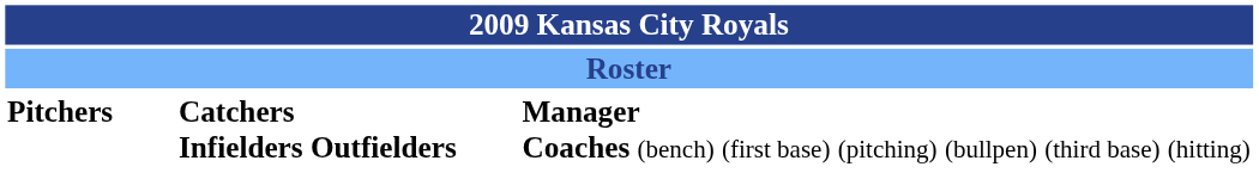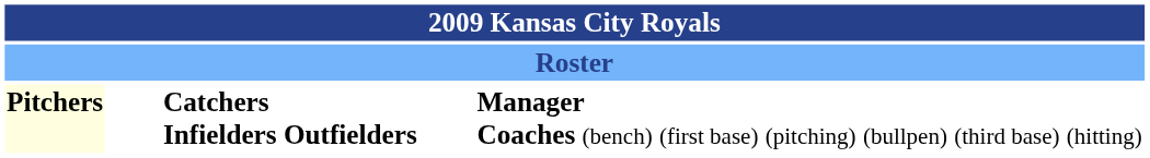 <table class="toccolours" style="font-size: 95%;">
 <tr>
 <th colspan="10" style="background-color: #27408B; color: #FFFFFF; text-align: center;">2009 Kansas City Royals</th>
 </tr>
 <tr>
 <td colspan="10" style="background-color: #74B4FA; color: #27408B; text-align: center;"><strong>Roster</strong></td>
 </tr>
 <tr>
-<td valign="top"><strong>Pitchers</strong><br>                      </td>
+<td valign="top" style="background: lightyellow;"><strong>Pitchers</strong><br>                      </td>
 <td width="25px"></td>
 <td valign="top"><strong>Catchers</strong><br>   <strong>Infielders</strong>           <strong>Outfielders</strong>       </td>
 <td width="25px"></td>
 <td valign="top"><strong>Manager</strong><br> <strong>Coaches</strong>  <small>(bench)</small>  <small>(first base)</small>  <small>(pitching)</small>  <small>(bullpen)</small>  <small>(third base)</small>  <small>(hitting)</small></td>
 </tr>
 </table>
